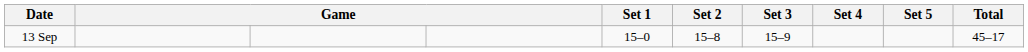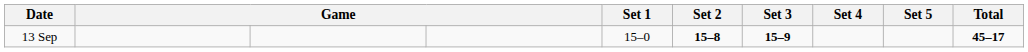 <table width=1200 class="wikitable">
 <tr>
 <th width=6%>Date</th>
 <th width=45% colspan=3>Game</th>
 <th width=6%>Set 1</th>
 <th width=6%>Set 2</th>
 <th width=6%>Set 3</th>
 <th width=6%>Set 4</th>
 <th width=6%>Set 5</th>
 <th width=6%>Total</th>
 </tr>
 <tr style=font-size:95%>
 <td align=center>13 Sep</td>
 <td align=center><strong></strong></td>
 <td></td>
 <td></td>
 <td align=center>15–0</td>
-<td align=center>15–8</td>
-<td align=center>15–9</td>
+<td align=center><strong>15–8</strong></td>
+<td align=center><strong>15–9</strong></td>
 <td align=center></td>
 <td align=center></td>
-<td align=center>45–17</td>
+<td align=center><strong>45–17</strong></td>
 </tr>
 </table>
